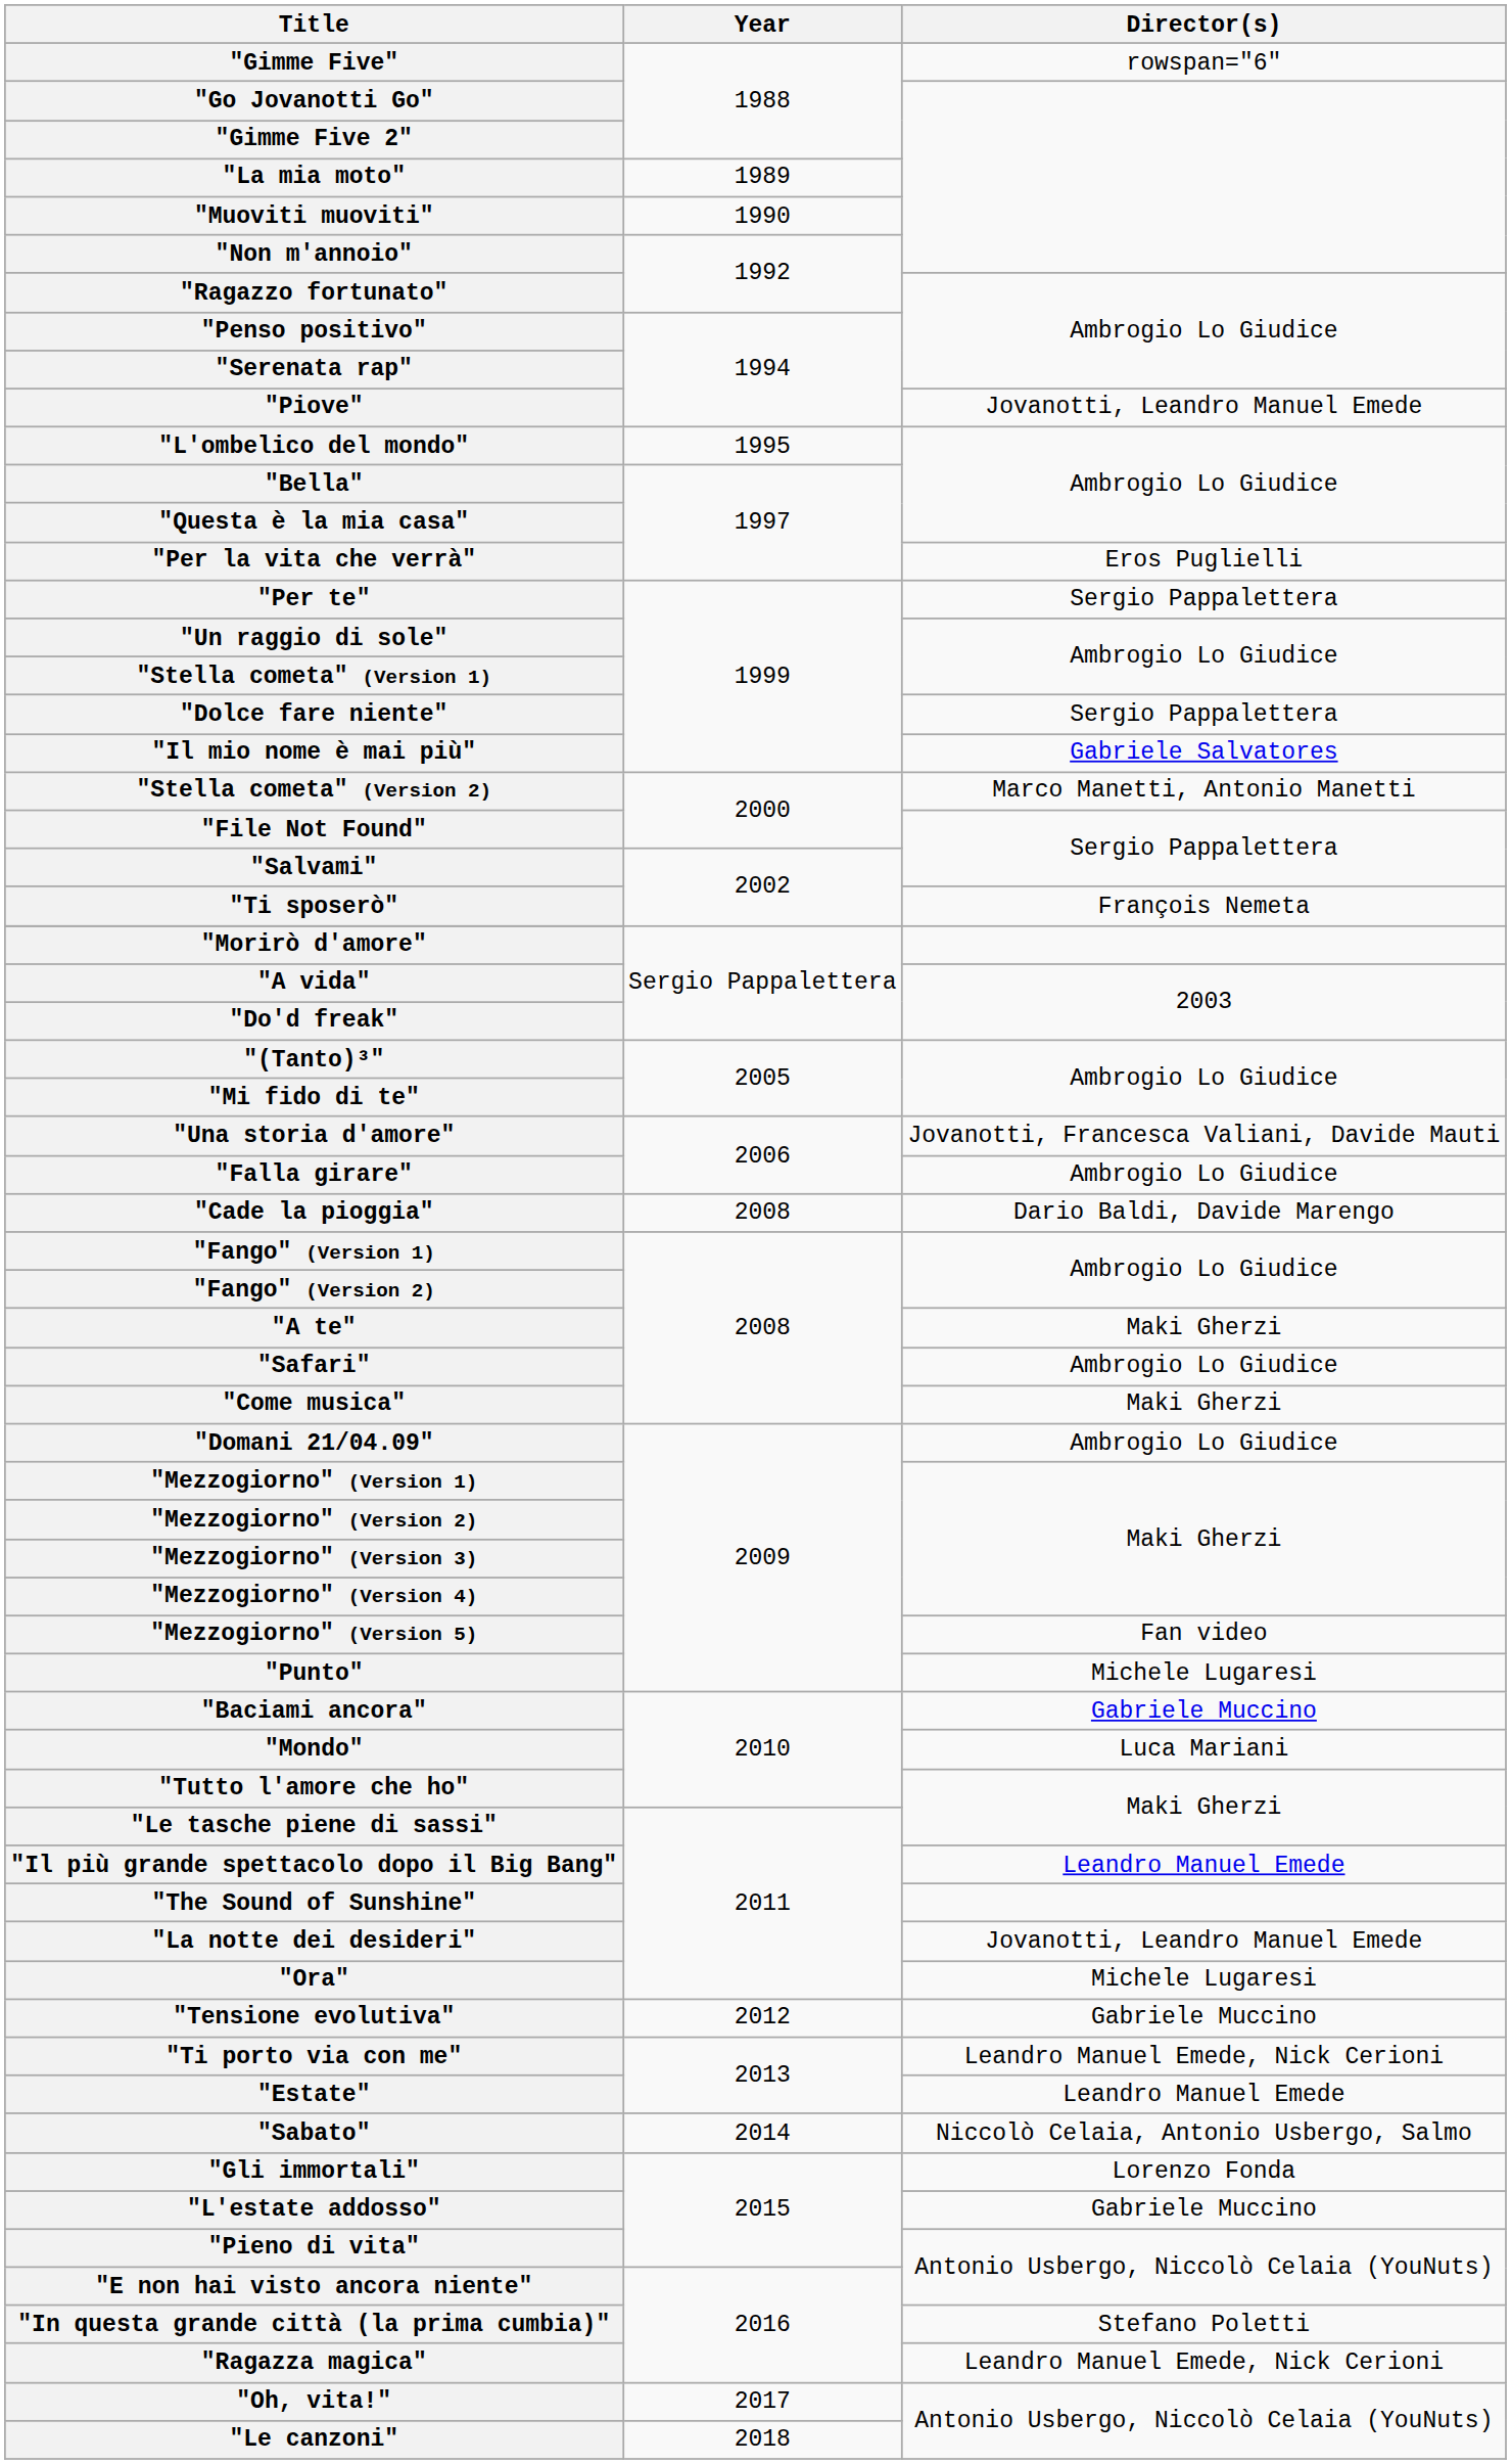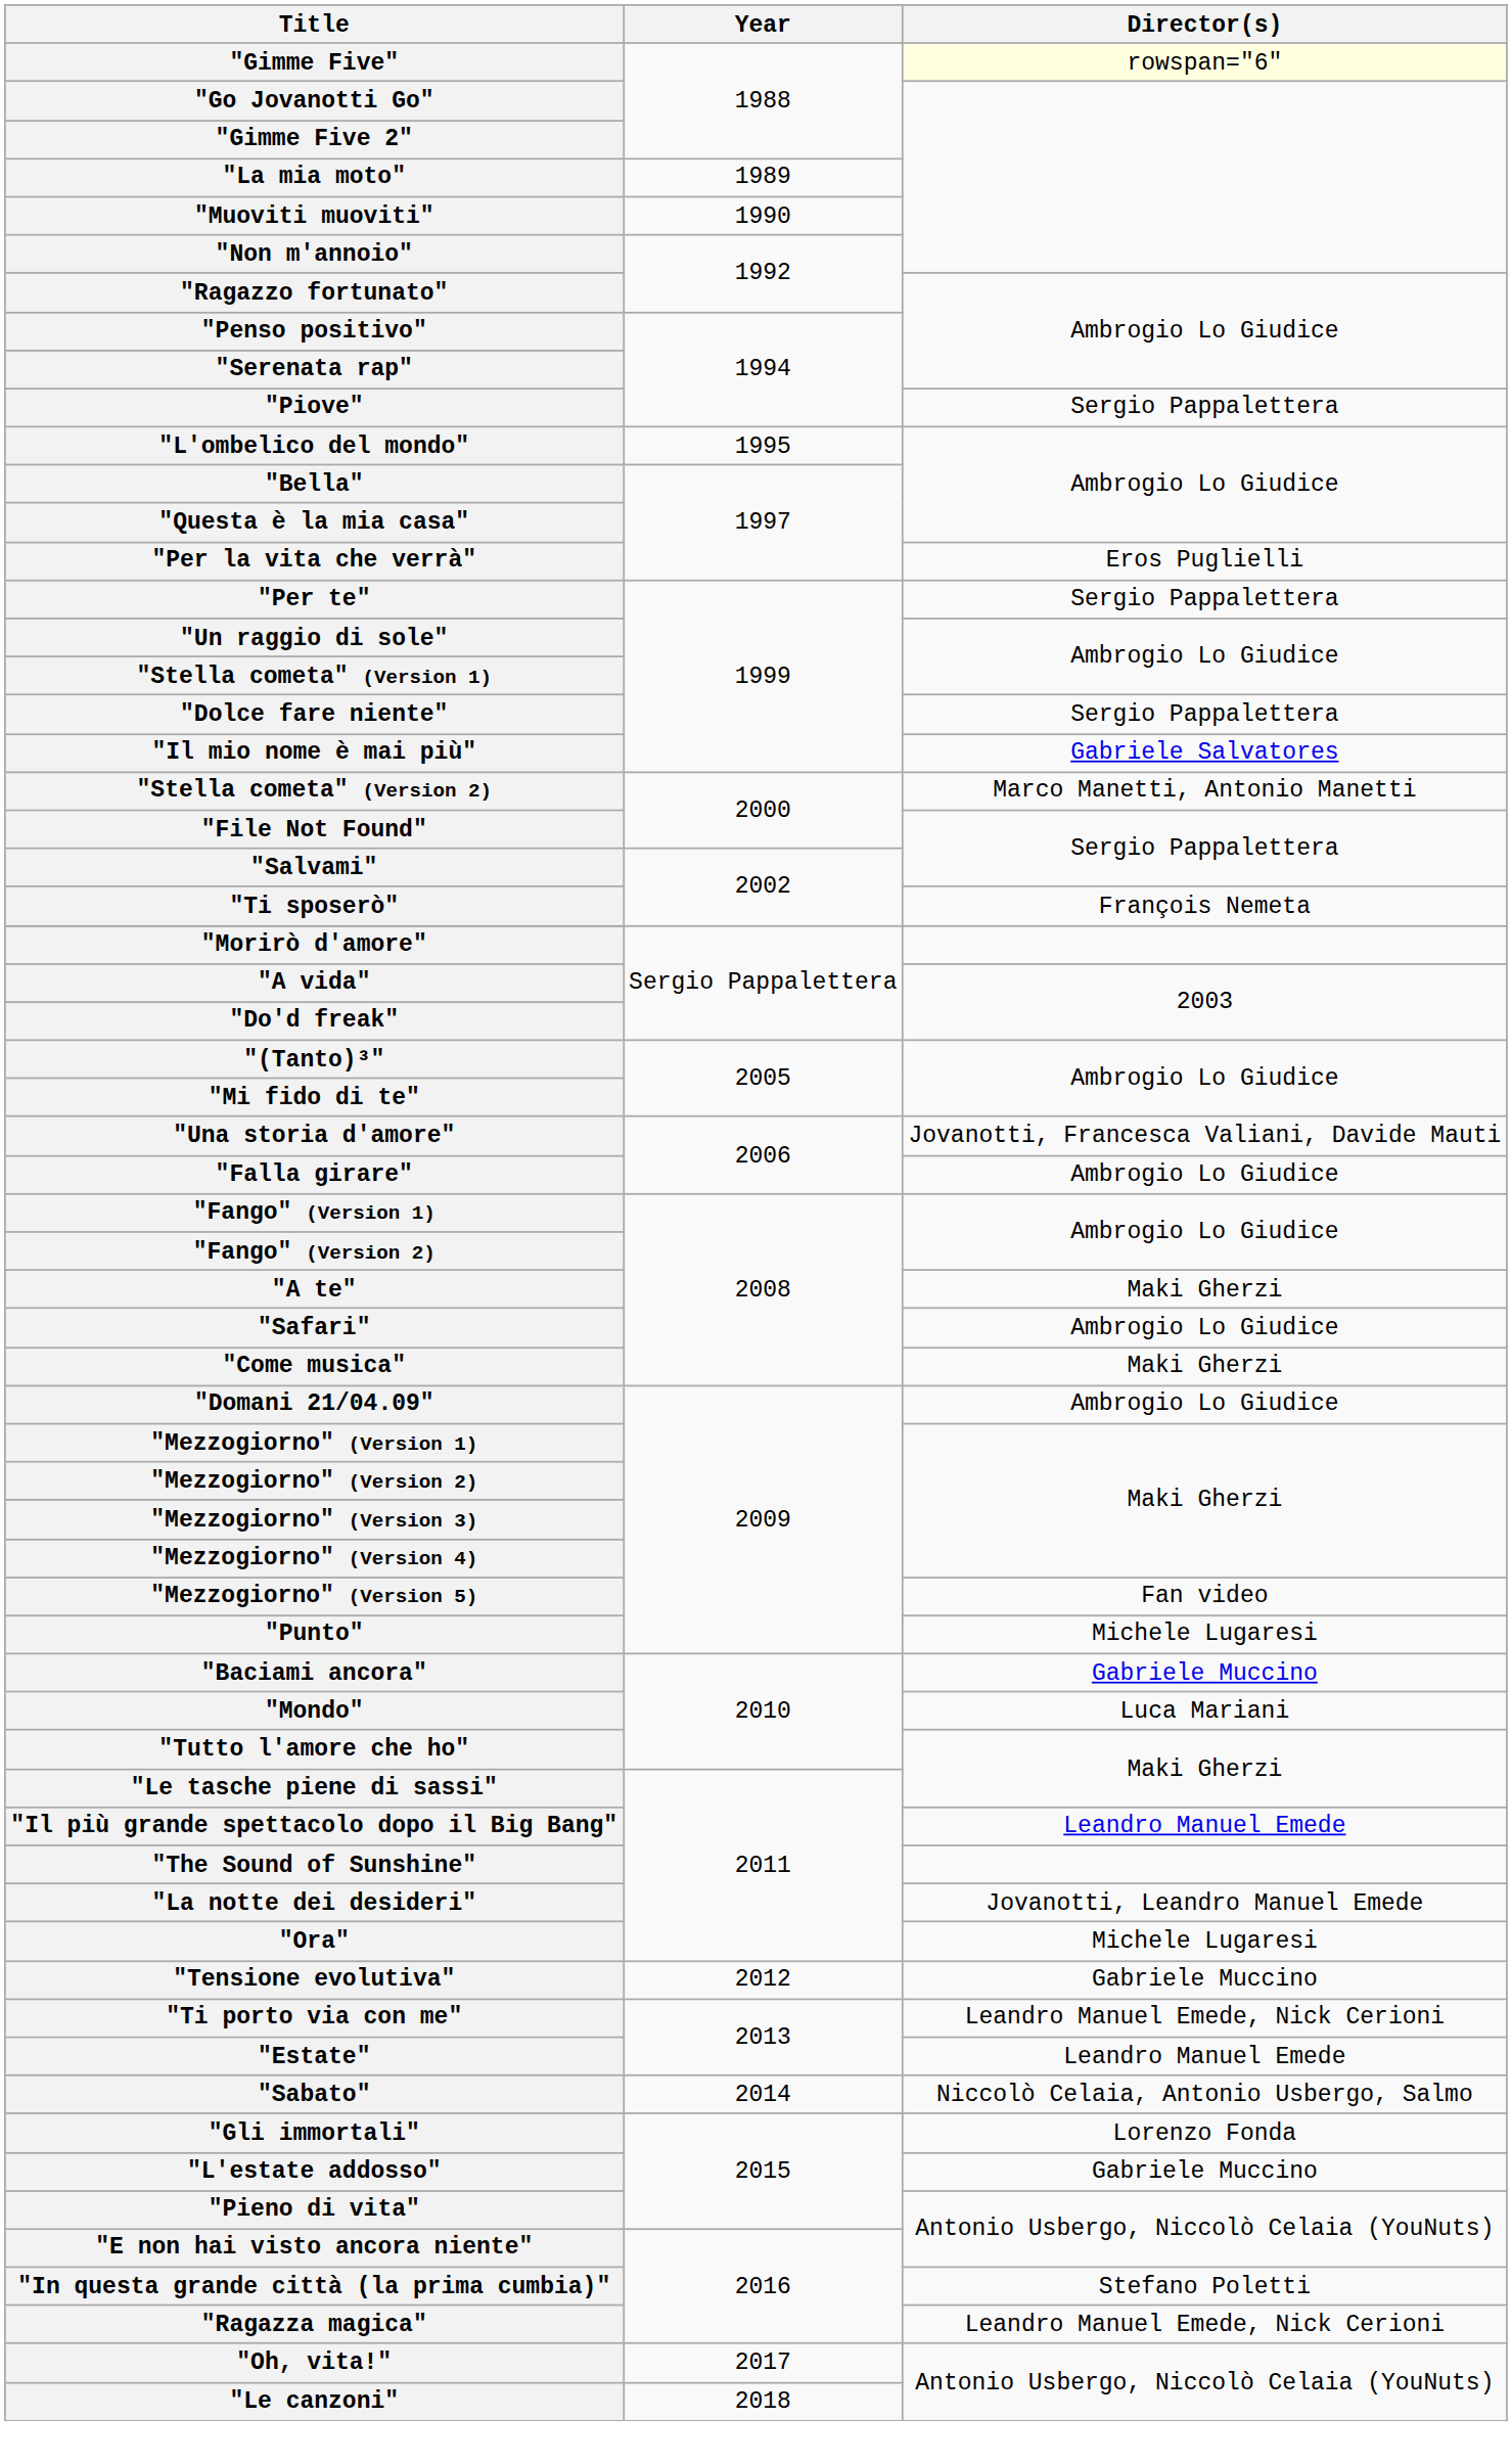 <table class="wikitable plainrowheaders" style="text-align:center;">
 <tr>
 <th scope="col">Title</th>
 <th scope="col">Year</th>
 <th scope="col">Director(s)</th>
 </tr>
 <tr>
 <th scope="row">"Gimme Five"</th>
 <td rowspan="3">1988</td>
-<td>rowspan="6" </td>
+<td style="background: lightyellow;">rowspan="6" </td>
 </tr>
 <tr>
 <th scope="row">"Go Jovanotti Go"</th>
 </tr>
 <tr>
 <th scope="row">"Gimme Five 2"</th>
 </tr>
 <tr>
 <th scope="row">"La mia moto"</th>
 <td rowspan="1">1989</td>
 </tr>
 <tr>
 <th scope="row">"Muoviti muoviti"</th>
 <td rowspan="1">1990</td>
 </tr>
 <tr>
 <th scope="row">"Non m'annoio"</th>
 <td rowspan="2">1992</td>
 </tr>
 <tr>
 <th scope="row">"Ragazzo fortunato"</th>
 <td rowspan="3">Ambrogio Lo Giudice</td>
 </tr>
 <tr>
 <th scope="row">"Penso positivo"</th>
 <td rowspan="3">1994</td>
 </tr>
 <tr>
 <th scope="row">"Serenata rap"</th>
 </tr>
 <tr>
 <th scope="row">"Piove"</th>
-<td>Jovanotti, Leandro Manuel Emede</td>
+<td>Sergio Pappalettera</td>
 </tr>
 <tr>
 <th scope="row">"L'ombelico del mondo"</th>
 <td>1995</td>
 <td rowspan="3">Ambrogio Lo Giudice</td>
 </tr>
 <tr>
 <th scope="row">"Bella"</th>
 <td rowspan="3">1997</td>
 </tr>
 <tr>
 <th scope="row">"Questa è la mia casa"</th>
 </tr>
 <tr>
 <th scope="row">"Per la vita che verrà"</th>
 <td>Eros Puglielli</td>
 </tr>
 <tr>
 <th scope="row">"Per te"</th>
 <td rowspan="5">1999</td>
 <td>Sergio Pappalettera</td>
 </tr>
 <tr>
 <th scope="row">"Un raggio di sole"</th>
 <td rowspan="2">Ambrogio Lo Giudice</td>
 </tr>
 <tr>
 <th scope="row">"Stella cometa" <small>(Version 1)</small></th>
 </tr>
 <tr>
 <th scope="row">"Dolce fare niente"</th>
 <td>Sergio Pappalettera</td>
 </tr>
 <tr>
 <th scope="row">"Il mio nome è mai più"</th>
 <td><a href='#'>Gabriele Salvatores</a></td>
 </tr>
 <tr>
 <th scope="row">"Stella cometa" <small>(Version 2)</small></th>
 <td rowspan="2">2000</td>
 <td>Marco Manetti, Antonio Manetti</td>
 </tr>
 <tr>
 <th scope="row">"File Not Found"</th>
 <td rowspan="2">Sergio Pappalettera</td>
 </tr>
 <tr>
 <th scope="row">"Salvami"</th>
 <td rowspan="3">2002</td>
 </tr>
 <tr>
 <th scope="row">"Ti sposerò"</th>
 <td>François Nemeta</td>
 </tr>
 <tr>
 </tr>
 <tr>
 <th scope="row">"Morirò d'amore"</th>
 <td rowspan="3">Sergio Pappalettera</td>
 </tr>
 <tr>
 <th scope="row">"A vida"</th>
 <td rowspan="2">2003</td>
 </tr>
 <tr>
 <th scope="row">"Do'd freak"</th>
 </tr>
 <tr>
 <th scope="row">"(Tanto)³"</th>
 <td rowspan="2">2005</td>
 <td rowspan="2">Ambrogio Lo Giudice</td>
 </tr>
 <tr>
 <th scope="row">"Mi fido di te"</th>
 </tr>
 <tr>
 <th scope="row">"Una storia d'amore"</th>
 <td rowspan="2">2006</td>
 <td>Jovanotti, Francesca Valiani, Davide Mauti</td>
 </tr>
 <tr>
 <th scope="row">"Falla girare"</th>
 <td>Ambrogio Lo Giudice</td>
-</tr>
-<tr>
-<th scope="row">"Cade la pioggia"</th>
-<td>2008</td>
-<td>Dario Baldi, Davide Marengo</td>
 </tr>
 <tr>
 <th scope="row">"Fango" <small>(Version 1)</small></th>
 <td rowspan="5">2008</td>
 <td rowspan="2">Ambrogio Lo Giudice</td>
 </tr>
 <tr>
 <th scope="row">"Fango" <small>(Version 2)</small></th>
 </tr>
 <tr>
 <th scope="row">"A te"</th>
 <td>Maki Gherzi</td>
 </tr>
 <tr>
 <th scope="row">"Safari"</th>
 <td>Ambrogio Lo Giudice</td>
 </tr>
 <tr>
 <th scope="row">"Come musica"</th>
 <td>Maki Gherzi</td>
 </tr>
 <tr>
 <th scope="row">"Domani 21/04.09"</th>
 <td rowspan="7">2009</td>
 <td>Ambrogio Lo Giudice</td>
 </tr>
 <tr>
 <th scope="row">"Mezzogiorno" <small>(Version 1)</small></th>
 <td rowspan="4">Maki Gherzi</td>
 </tr>
 <tr>
 <th scope="row">"Mezzogiorno" <small>(Version 2)</small></th>
 </tr>
 <tr>
 <th scope="row">"Mezzogiorno" <small>(Version 3)</small></th>
 </tr>
 <tr>
 <th scope="row">"Mezzogiorno" <small>(Version 4)</small></th>
 </tr>
 <tr>
 <th scope="row">"Mezzogiorno" <small>(Version 5)</small></th>
 <td>Fan video</td>
 </tr>
 <tr>
 <th scope="row">"Punto"</th>
 <td>Michele Lugaresi</td>
 </tr>
 <tr>
 <th scope="row">"Baciami ancora"</th>
 <td rowspan="3">2010</td>
 <td><a href='#'>Gabriele Muccino</a></td>
 </tr>
 <tr>
 <th scope="row">"Mondo"</th>
 <td>Luca Mariani</td>
 </tr>
 <tr>
 <th scope="row">"Tutto l'amore che ho"</th>
 <td rowspan="2">Maki Gherzi</td>
 </tr>
 <tr>
 <th scope="row">"Le tasche piene di sassi"</th>
 <td rowspan="5">2011</td>
 </tr>
 <tr>
 <th scope="row">"Il più grande spettacolo dopo il Big Bang"</th>
 <td><a href='#'>Leandro Manuel Emede</a></td>
 </tr>
 <tr>
 <th scope="row">"The Sound of Sunshine"</th>
 <td></td>
 </tr>
 <tr>
 <th scope="row">"La notte dei desideri"</th>
 <td>Jovanotti, Leandro Manuel Emede</td>
 </tr>
 <tr>
 <th scope="row">"Ora"</th>
 <td>Michele Lugaresi</td>
 </tr>
 <tr>
 <th scope="row">"Tensione evolutiva"</th>
 <td>2012</td>
 <td>Gabriele Muccino</td>
 </tr>
 <tr>
 <th scope="row">"Ti porto via con me"</th>
 <td rowspan="2">2013</td>
 <td>Leandro Manuel Emede, Nick Cerioni</td>
 </tr>
 <tr>
 <th scope="row">"Estate"</th>
 <td>Leandro Manuel Emede</td>
 </tr>
 <tr>
 <th scope="row">"Sabato"</th>
 <td>2014</td>
 <td>Niccolò Celaia, Antonio Usbergo, Salmo</td>
 </tr>
 <tr>
 <th scope="row">"Gli immortali"</th>
 <td rowspan="3">2015</td>
 <td>Lorenzo Fonda</td>
 </tr>
 <tr>
 <th scope="row">"L'estate addosso"</th>
 <td>Gabriele Muccino</td>
 </tr>
 <tr>
 <th scope="row">"Pieno di vita"</th>
 <td rowspan="2">Antonio Usbergo, Niccolò Celaia (YouNuts)</td>
 </tr>
 <tr>
 <th scope="row">"E non hai visto ancora niente"</th>
 <td rowspan="3">2016</td>
 </tr>
 <tr>
 <th scope="row">"In questa grande città (la prima cumbia)"</th>
 <td>Stefano Poletti</td>
 </tr>
 <tr>
 <th scope="row">"Ragazza magica"</th>
 <td>Leandro Manuel Emede, Nick Cerioni</td>
 </tr>
 <tr>
 <th scope="row">"Oh, vita!"</th>
 <td>2017</td>
 <td rowspan="2">Antonio Usbergo, Niccolò Celaia (YouNuts)</td>
 </tr>
 <tr>
 <th scope="row">"Le canzoni"</th>
 <td>2018</td>
 </tr>
 </table>
